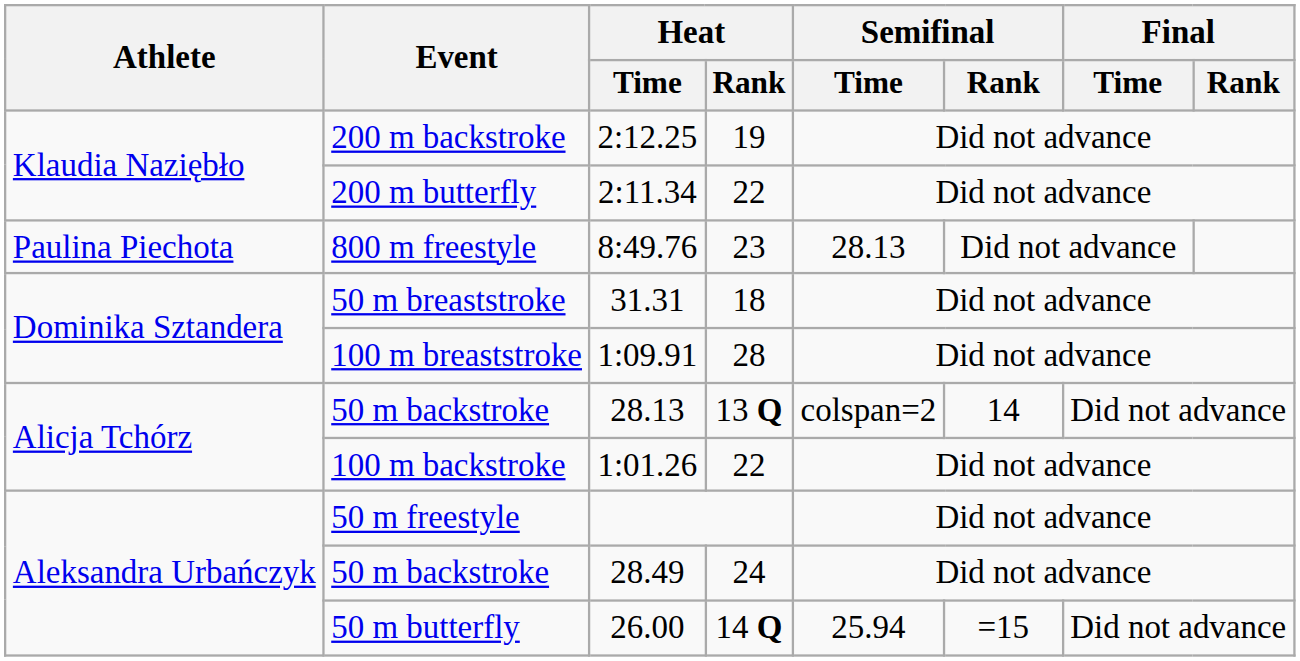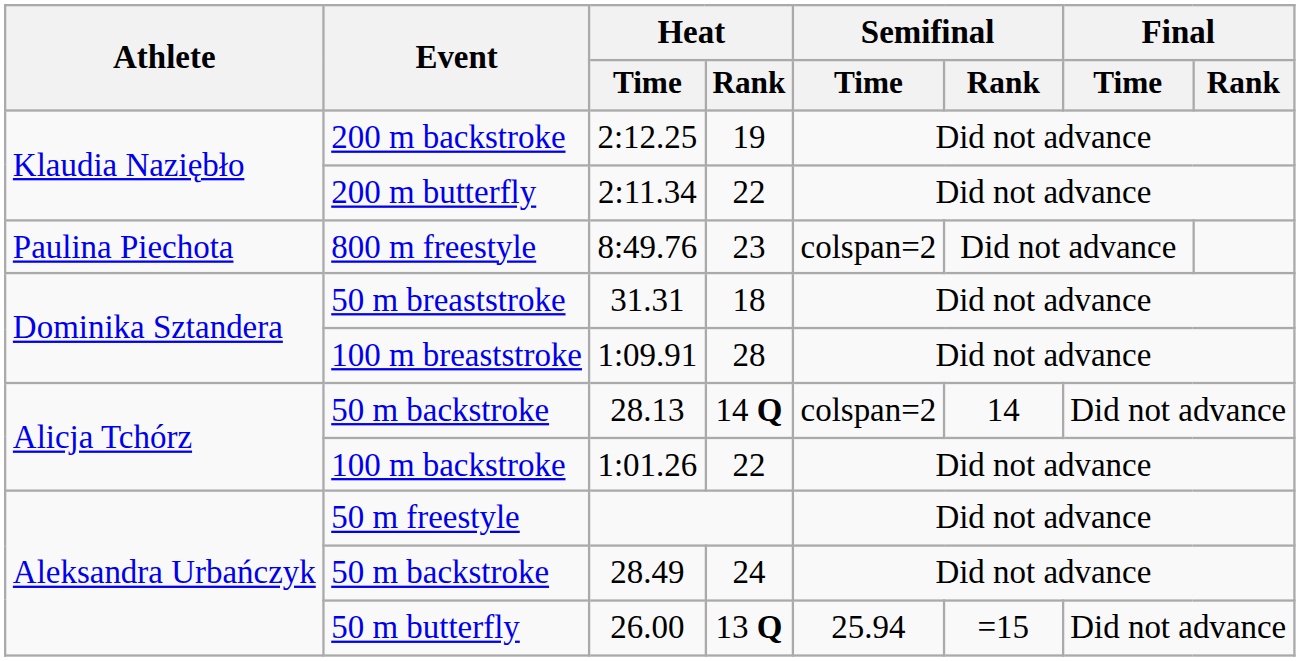 <table class=wikitable style="font-size:90%">
 <tr>
 <th rowspan="2">Athlete</th>
 <th rowspan="2">Event</th>
 <th colspan="2">Heat</th>
 <th colspan="2">Semifinal</th>
 <th colspan="2">Final</th>
 </tr>
 <tr style="font-size:95%">
 <th>Time</th>
 <th>Rank</th>
 <th>Time</th>
 <th>Rank</th>
 <th>Time</th>
 <th>Rank</th>
 </tr>
 <tr align=center>
 <td align=left rowspan=2><a href='#'>Klaudia Naziębło</a></td>
 <td align=left><a href='#'>200 m backstroke</a></td>
 <td>2:12.25</td>
 <td>19</td>
 <td colspan=4>Did not advance</td>
 </tr>
 <tr align=center>
 <td align=left><a href='#'>200 m butterfly</a></td>
 <td>2:11.34</td>
 <td>22</td>
 <td colspan=4>Did not advance</td>
 </tr>
 <tr align=center>
 <td align=left><a href='#'>Paulina Piechota</a></td>
 <td align=left><a href='#'>800 m freestyle</a></td>
 <td>8:49.76</td>
 <td>23</td>
-<td>28.13</td>
+<td>colspan=2 </td>
 <td colspan=2>Did not advance</td>
 </tr>
 <tr align=center>
 <td align=left rowspan=2><a href='#'>Dominika Sztandera</a></td>
 <td align=left><a href='#'>50 m breaststroke</a></td>
 <td>31.31</td>
 <td>18</td>
 <td colspan=4>Did not advance</td>
 </tr>
 <tr align=center>
 <td align=left><a href='#'>100 m breaststroke</a></td>
 <td>1:09.91</td>
 <td>28</td>
 <td colspan=4>Did not advance</td>
 </tr>
 <tr align=center>
 <td align=left rowspan=2><a href='#'>Alicja Tchórz</a></td>
 <td align=left><a href='#'>50 m backstroke</a></td>
 <td>28.13</td>
-<td>13 <strong>Q</strong></td>
+<td>14 <strong>Q</strong></td>
 <td>colspan=2 </td>
 <td>14</td>
 <td colspan=2>Did not advance</td>
 </tr>
 <tr align=center>
 <td align=left><a href='#'>100 m backstroke</a></td>
 <td>1:01.26</td>
 <td>22</td>
 <td colspan=4>Did not advance</td>
 </tr>
 <tr align=center>
 <td align=left rowspan=3><a href='#'>Aleksandra Urbańczyk</a></td>
 <td align=left><a href='#'>50 m freestyle</a></td>
 <td colspan=2></td>
 <td colspan=4>Did not advance</td>
 </tr>
 <tr align=center>
 <td align=left><a href='#'>50 m backstroke</a></td>
 <td>28.49</td>
 <td>24</td>
 <td colspan=4>Did not advance</td>
 </tr>
 <tr align=center>
 <td align=left><a href='#'>50 m butterfly</a></td>
 <td>26.00</td>
-<td>14 <strong>Q</strong></td>
+<td>13 <strong>Q</strong></td>
 <td>25.94</td>
 <td>=15</td>
 <td colspan=2>Did not advance</td>
 </tr>
 </table>
